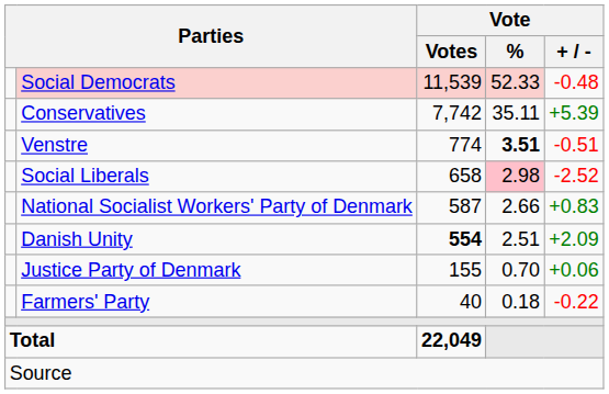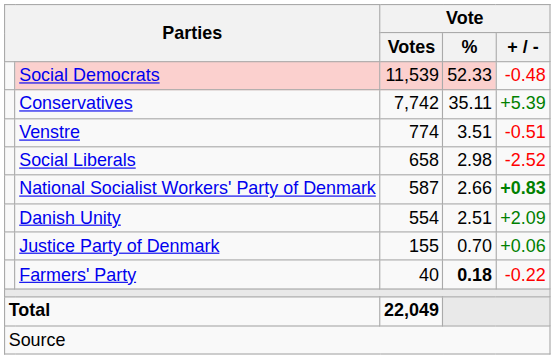 <table class="wikitable" style="text-align:right;">
 <tr>
 <th style="text-align:centre;" rowspan="2" colspan="2" width="225">Parties</th>
 <th colspan="3">Vote</th>
 </tr>
 <tr>
 <th width="15">Votes</th>
 <th width="15">%</th>
 <th width="15">+ / -</th>
 </tr>
 <tr>
 <td width="2" style="color:inherit;background:"></td>
 <td bgcolor=#fbd0ce  align="left"><a href='#'>Social Democrats</a></td>
 <td bgcolor=#fbd0ce>11,539</td>
 <td bgcolor=#fbd0ce>52.33</td>
 <td style=color:red;>-0.48</td>
 </tr>
 <tr>
 <td width="2" style="color:inherit;background:"></td>
 <td align="left"><a href='#'>Conservatives</a></td>
 <td>7,742</td>
 <td>35.11</td>
 <td style=color:green;>+5.39</td>
 </tr>
 <tr>
 <td width="2" style="color:inherit;background:"></td>
 <td align="left"><a href='#'>Venstre</a></td>
 <td>774</td>
-<td><strong>3.51</strong></td>
+<td>3.51</td>
 <td style=color:red;>-0.51</td>
 </tr>
 <tr>
 <td width="2" style="color:inherit;background:"></td>
 <td align="left"><a href='#'>Social Liberals</a></td>
 <td>658</td>
-<td style="background: pink;">2.98</td>
+<td>2.98</td>
 <td style=color:red;>-2.52</td>
 </tr>
 <tr>
 <td width="2" style="color:inherit;background:"></td>
 <td align="left"><a href='#'>National Socialist Workers' Party of Denmark</a></td>
 <td>587</td>
 <td>2.66</td>
-<td style=color:green;>+0.83</td>
+<td style=color:green;><strong>+0.83</strong></td>
 </tr>
 <tr>
 <td width="2" style="color:inherit;background:"></td>
 <td align="left"><a href='#'>Danish Unity</a></td>
-<td><strong>554</strong></td>
+<td>554</td>
 <td>2.51</td>
 <td style=color:green;>+2.09</td>
 </tr>
 <tr>
 <td width="2" style="color:inherit;background:"></td>
 <td align="left"><a href='#'>Justice Party of Denmark</a></td>
 <td>155</td>
 <td>0.70</td>
 <td style=color:green;>+0.06</td>
 </tr>
 <tr>
 <td width="2" style="color:inherit;background:"></td>
 <td align="left"><a href='#'>Farmers' Party</a></td>
 <td>40</td>
-<td>0.18</td>
+<td><strong>0.18</strong></td>
 <td style=color:red;>-0.22</td>
 </tr>
 <tr>
 <td colspan="7" bgcolor="#E9E9E9"></td>
 </tr>
 <tr>
 <td align="left" colspan="2"><strong>Total</strong></td>
 <td><strong>22,049</strong></td>
 <td bgcolor="#E9E9E9" colspan="2"></td>
 </tr>
 <tr>
 <td align="left" colspan="6">Source</td>
 </tr>
 </table>
